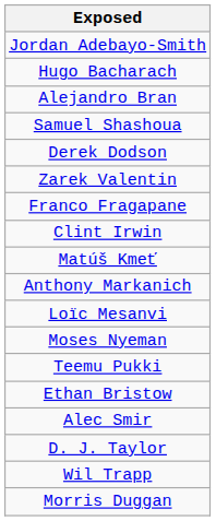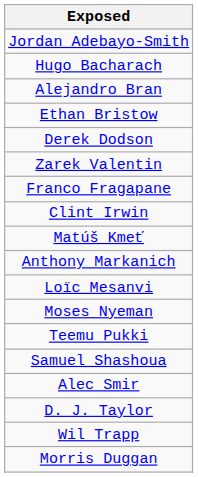 <table class="wikitable" style="text-align:center">
 <tr>
 <th>Exposed</th>
 </tr>
 <tr>
 <td><a href='#'>Jordan Adebayo-Smith</a></td>
 </tr>
 <tr>
 <td><a href='#'>Hugo Bacharach</a></td>
 </tr>
 <tr>
 <td><a href='#'>Alejandro Bran</a></td>
 </tr>
 <tr>
-<td><a href='#'>Samuel Shashoua</a></td>
+<td><a href='#'>Ethan Bristow</a></td>
 </tr>
 <tr>
 <td><a href='#'>Derek Dodson</a></td>
 </tr>
 <tr>
 <td><a href='#'>Zarek Valentin</a></td>
 </tr>
 <tr>
 <td><a href='#'>Franco Fragapane</a></td>
 </tr>
 <tr>
 <td><a href='#'>Clint Irwin</a></td>
 </tr>
 <tr>
 <td><a href='#'>Matúš Kmeť</a></td>
 </tr>
 <tr>
 <td><a href='#'>Anthony Markanich</a></td>
 </tr>
 <tr>
 <td><a href='#'>Loïc Mesanvi</a></td>
 </tr>
 <tr>
 <td><a href='#'>Moses Nyeman</a></td>
 </tr>
 <tr>
 <td><a href='#'>Teemu Pukki</a></td>
 </tr>
 <tr>
-<td><a href='#'>Ethan Bristow</a></td>
+<td><a href='#'>Samuel Shashoua</a></td>
 </tr>
 <tr>
 <td><a href='#'>Alec Smir</a></td>
 </tr>
 <tr>
 <td><a href='#'>D. J. Taylor</a></td>
 </tr>
 <tr>
 <td><a href='#'>Wil Trapp</a></td>
 </tr>
 <tr>
 <td><a href='#'>Morris Duggan</a></td>
 </tr>
 </table>
